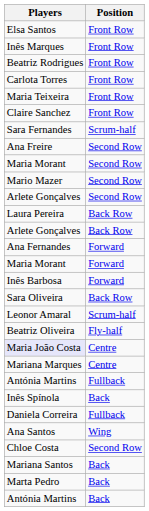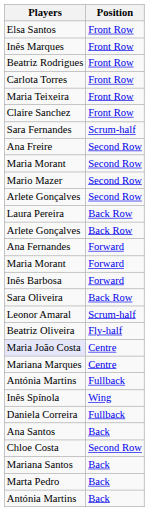 <table class="wikitable">
 <tr>
 <th>Players</th>
 <th>Position</th>
 </tr>
 <tr>
 <td>Elsa Santos</td>
 <td><a href='#'>Front Row</a></td>
 </tr>
 <tr>
 <td>Inês Marques</td>
 <td><a href='#'>Front Row</a></td>
 </tr>
 <tr>
 <td>Beatriz Rodrigues</td>
 <td><a href='#'>Front Row</a></td>
 </tr>
 <tr>
 <td>Carlota Torres</td>
 <td><a href='#'>Front Row</a></td>
 </tr>
 <tr>
 <td>Maria Teixeira</td>
 <td><a href='#'>Front Row</a></td>
 </tr>
 <tr>
 <td>Claire Sanchez</td>
 <td><a href='#'>Front Row</a></td>
 </tr>
 <tr>
 <td>Sara Fernandes</td>
 <td><a href='#'>Scrum-half</a></td>
 </tr>
 <tr>
 <td>Ana Freire</td>
 <td><a href='#'>Second Row</a></td>
 </tr>
 <tr>
 <td>Maria Morant</td>
 <td><a href='#'>Second Row</a></td>
 </tr>
 <tr>
 <td>Mario Mazer</td>
 <td><a href='#'>Second Row</a></td>
 </tr>
 <tr>
 <td>Arlete Gonçalves</td>
 <td><a href='#'>Second Row</a></td>
 </tr>
 <tr>
 <td>Laura Pereira</td>
 <td><a href='#'>Back Row</a></td>
 </tr>
 <tr>
 <td>Arlete Gonçalves</td>
 <td><a href='#'>Back Row</a></td>
 </tr>
 <tr>
 <td>Ana Fernandes</td>
 <td><a href='#'>Forward</a></td>
 </tr>
 <tr>
 <td>Maria Morant</td>
 <td><a href='#'>Forward</a></td>
 </tr>
 <tr>
 <td>Inês Barbosa</td>
 <td><a href='#'>Forward</a></td>
 </tr>
 <tr>
 <td>Sara Oliveira</td>
 <td><a href='#'>Back Row</a></td>
 </tr>
 <tr>
 <td>Leonor Amaral</td>
 <td><a href='#'>Scrum-half</a></td>
 </tr>
 <tr>
 <td>Beatriz Oliveira</td>
 <td><a href='#'>Fly-half</a></td>
 </tr>
 <tr>
 <td style="background: lavender;">Maria João Costa</td>
 <td><a href='#'>Centre</a></td>
 </tr>
 <tr>
 <td>Mariana Marques</td>
 <td><a href='#'>Centre</a></td>
 </tr>
 <tr>
 <td>Antónia Martins</td>
 <td><a href='#'>Fullback</a></td>
 </tr>
 <tr>
 <td>Inês Spínola</td>
-<td><a href='#'>Back</a></td>
+<td><a href='#'>Wing</a></td>
 </tr>
 <tr>
 <td>Daniela Correira</td>
 <td><a href='#'>Fullback</a></td>
 </tr>
 <tr>
 <td>Ana Santos</td>
-<td><a href='#'>Wing</a></td>
+<td><a href='#'>Back</a></td>
 </tr>
 <tr>
 <td>Chloe Costa</td>
 <td><a href='#'>Second Row</a></td>
 </tr>
 <tr>
 <td>Mariana Santos</td>
 <td><a href='#'>Back</a></td>
 </tr>
 <tr>
 <td>Marta Pedro</td>
 <td><a href='#'>Back</a></td>
 </tr>
 <tr>
 <td>Antónia Martins</td>
 <td><a href='#'>Back</a></td>
 </tr>
 </table>
